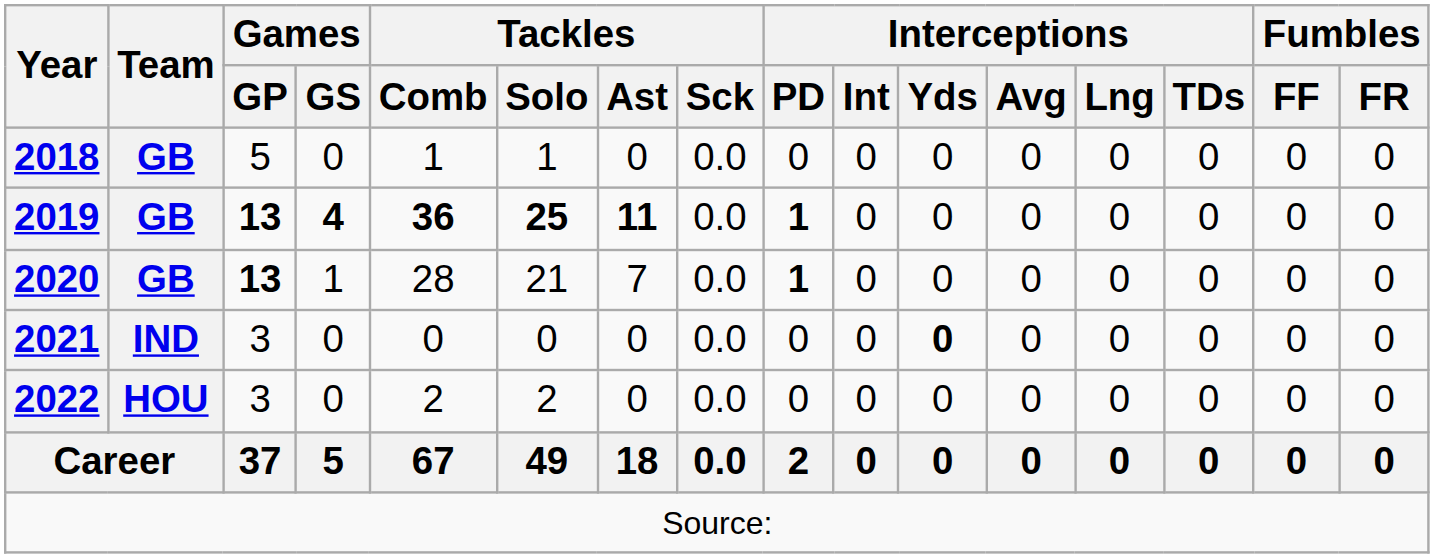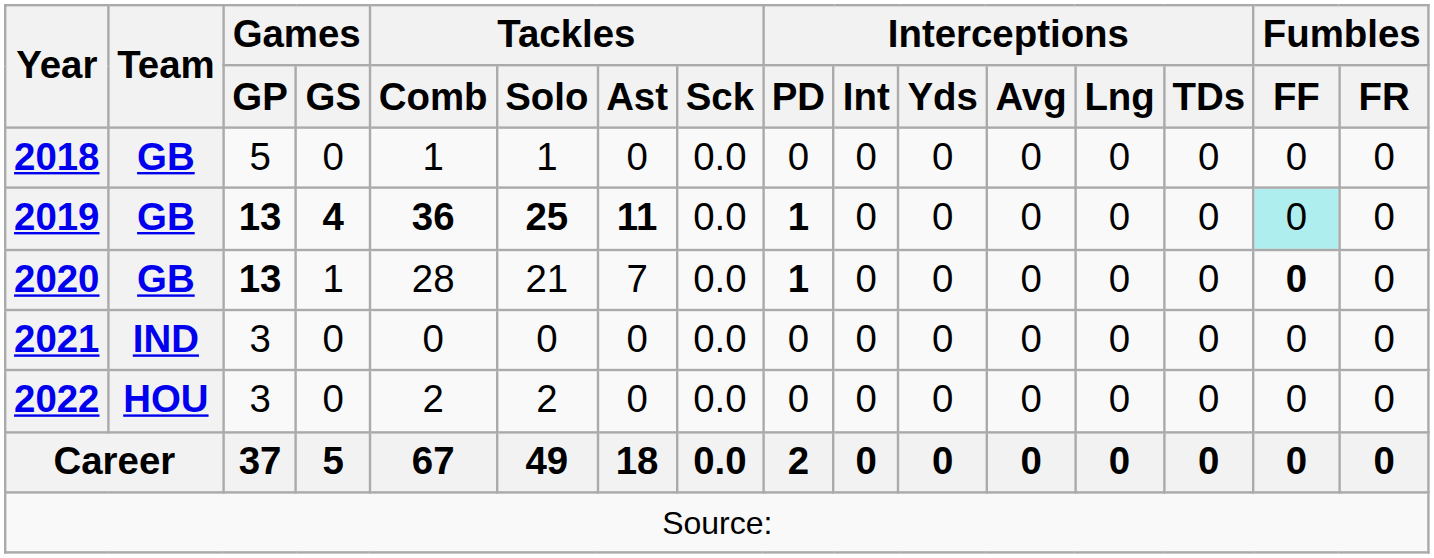 <table class="wikitable" style="text-align: center;">
 <tr>
 <th rowspan="2">Year</th>
 <th rowspan="2">Team</th>
 <th colspan="2">Games</th>
 <th colspan="4">Tackles</th>
 <th colspan="6">Interceptions</th>
 <th colspan="2">Fumbles</th>
 </tr>
 <tr>
 <th>GP</th>
 <th>GS</th>
 <th>Comb</th>
 <th>Solo</th>
 <th>Ast</th>
 <th>Sck</th>
 <th>PD</th>
 <th>Int</th>
 <th>Yds</th>
 <th>Avg</th>
 <th>Lng</th>
 <th>TDs</th>
 <th>FF</th>
 <th>FR</th>
 </tr>
 <tr>
 <th><a href='#'>2018</a></th>
 <th><a href='#'>GB</a></th>
 <td>5</td>
 <td>0</td>
 <td>1</td>
 <td>1</td>
 <td>0</td>
 <td>0.0</td>
 <td>0</td>
 <td>0</td>
 <td>0</td>
 <td>0</td>
 <td>0</td>
 <td>0</td>
 <td>0</td>
 <td>0</td>
 </tr>
 <tr>
 <th><a href='#'>2019</a></th>
 <th><a href='#'>GB</a></th>
 <td><strong>13</strong></td>
 <td><strong>4</strong></td>
 <td><strong>36</strong></td>
 <td><strong>25</strong></td>
 <td><strong>11</strong></td>
 <td>0.0</td>
 <td><strong>1</strong></td>
 <td>0</td>
 <td>0</td>
 <td>0</td>
 <td>0</td>
 <td>0</td>
-<td>0</td>
+<td style="background: paleturquoise;">0</td>
 <td>0</td>
 </tr>
 <tr>
 <th><a href='#'>2020</a></th>
 <th><a href='#'>GB</a></th>
 <td><strong>13</strong></td>
 <td>1</td>
 <td>28</td>
 <td>21</td>
 <td>7</td>
 <td>0.0</td>
 <td><strong>1</strong></td>
 <td>0</td>
 <td>0</td>
 <td>0</td>
 <td>0</td>
 <td>0</td>
-<td>0</td>
+<td><strong>0</strong></td>
 <td>0</td>
 </tr>
 <tr>
 <th><a href='#'>2021</a></th>
 <th><a href='#'>IND</a></th>
 <td>3</td>
 <td>0</td>
 <td>0</td>
 <td>0</td>
 <td>0</td>
 <td>0.0</td>
 <td>0</td>
 <td>0</td>
-<td><strong>0</strong></td>
+<td>0</td>
 <td>0</td>
 <td>0</td>
 <td>0</td>
 <td>0</td>
 <td>0</td>
 </tr>
 <tr>
 <th><a href='#'>2022</a></th>
 <th><a href='#'>HOU</a></th>
 <td>3</td>
 <td>0</td>
 <td>2</td>
 <td>2</td>
 <td>0</td>
 <td>0.0</td>
 <td>0</td>
 <td>0</td>
 <td>0</td>
 <td>0</td>
 <td>0</td>
 <td>0</td>
 <td>0</td>
 <td>0</td>
 </tr>
 <tr>
 <th colspan="2">Career</th>
 <th>37</th>
 <th>5</th>
 <th>67</th>
 <th>49</th>
 <th>18</th>
 <th>0.0</th>
 <th>2</th>
 <th>0</th>
 <th>0</th>
 <th>0</th>
 <th>0</th>
 <th>0</th>
 <th>0</th>
 <th>0</th>
 </tr>
 <tr>
 <td colspan="16"><small>Source: </small></td>
 </tr>
 </table>
